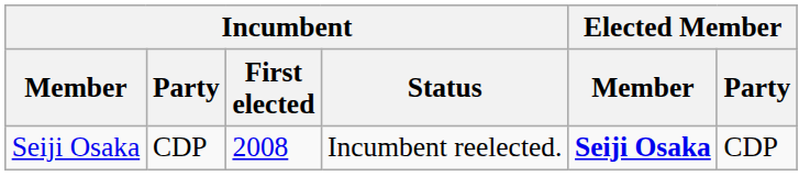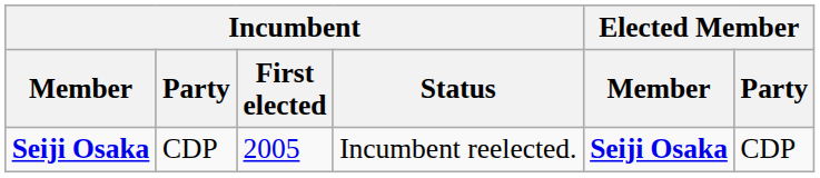 <table class="wikitable sortable">
 <tr>
 <th colspan=4>Incumbent</th>
 <th colspan=2>Elected Member</th>
 </tr>
 <tr>
 <th>Member</th>
 <th>Party</th>
 <th>First<br>elected</th>
 <th>Status</th>
 <th>Member</th>
 <th>Party</th>
 </tr>
 <tr>
-<td><a href='#'>Seiji Osaka</a></td>
+<td><strong><a href='#'>Seiji Osaka</a></strong></td>
 <td>CDP</td>
-<td><a href='#'>2008</a></td>
+<td><a href='#'>2005</a></td>
 <td>Incumbent reelected.</td>
 <td><strong><a href='#'>Seiji Osaka</a></strong></td>
 <td>CDP</td>
 </tr>
 </table>
